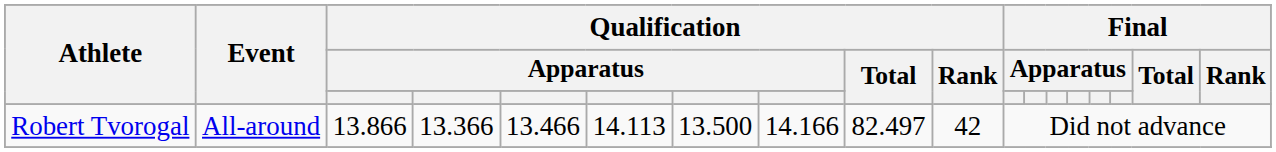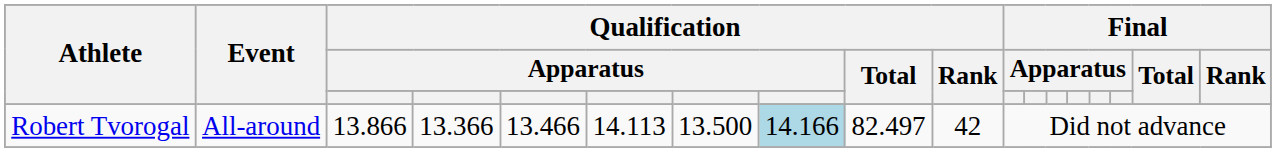 <table class="wikitable" style="font-size:90%">
 <tr>
 <th rowspan=3>Athlete</th>
 <th rowspan=3>Event</th>
 <th colspan =8>Qualification</th>
 <th colspan =8>Final</th>
 </tr>
 <tr style="font-size:95%">
 <th colspan=6>Apparatus</th>
 <th rowspan=2>Total</th>
 <th rowspan=2>Rank</th>
 <th colspan=6>Apparatus</th>
 <th rowspan=2>Total</th>
 <th rowspan=2>Rank</th>
 </tr>
 <tr style="font-size:95%">
 <th></th>
 <th></th>
 <th></th>
 <th></th>
 <th></th>
 <th></th>
 <th></th>
 <th></th>
 <th></th>
 <th></th>
 <th></th>
 <th></th>
 </tr>
 <tr align=center>
 <td align=left><a href='#'>Robert Tvorogal</a></td>
 <td align=left><a href='#'>All-around</a></td>
 <td>13.866</td>
 <td>13.366</td>
 <td>13.466</td>
 <td>14.113</td>
 <td>13.500</td>
-<td>14.166</td>
+<td style="background: lightblue;">14.166</td>
 <td>82.497</td>
 <td>42</td>
 <td colspan=8>Did not advance</td>
 </tr>
 </table>
